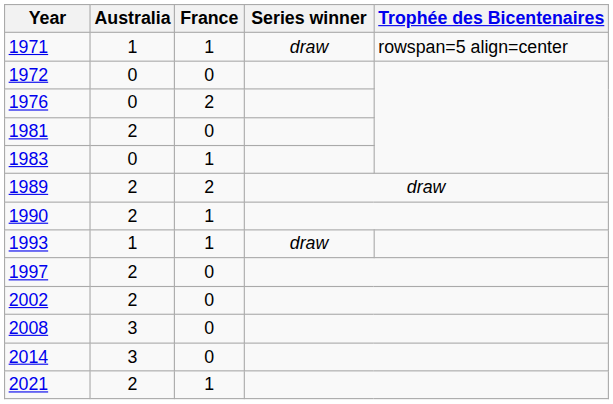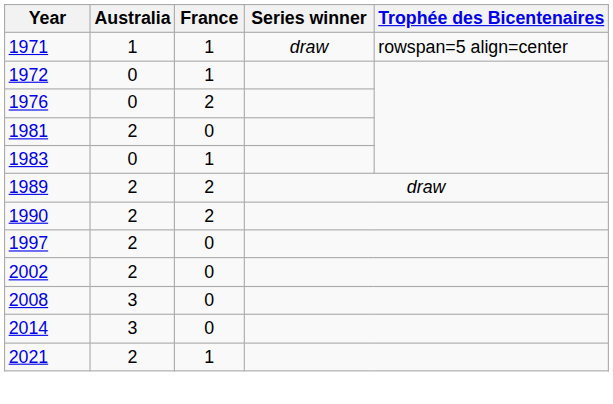 <table class="wikitable">
 <tr>
 <th width="70">Year</th>
 <th width="55">Australia</th>
 <th width="55">France</th>
 <th width="110">Series winner</th>
 <th><a href='#'>Trophée des Bicentenaires</a></th>
 </tr>
 <tr>
 <td> <a href='#'>1971</a></td>
 <td align=center>1</td>
 <td align=center>1</td>
 <td align=center><em>draw</em></td>
 <td>rowspan=5 align=center </td>
 </tr>
 <tr>
 <td> <a href='#'>1972</a></td>
 <td align=center>0</td>
-<td align=center>0</td>
+<td align=center>1</td>
 <td></td>
 </tr>
 <tr>
 <td> <a href='#'>1976</a></td>
 <td align=center>0</td>
 <td align=center>2</td>
 <td></td>
 </tr>
 <tr>
 <td> <a href='#'>1981</a></td>
 <td align=center>2</td>
 <td align=center>0</td>
 <td></td>
 </tr>
 <tr>
 <td> <a href='#'>1983</a></td>
 <td align=center>0</td>
 <td align=center>1</td>
 <td></td>
 </tr>
 <tr>
 <td> <a href='#'>1989</a></td>
 <td align=center>2</td>
 <td align=center>2</td>
 <td align=center colspan=2><em>draw</em></td>
 </tr>
 <tr>
 <td> <a href='#'>1990</a></td>
 <td align=center>2</td>
-<td align=center>1</td>
+<td align=center>2</td>
 <td colspan=2></td>
-</tr>
-<tr>
-<td> <a href='#'>1993</a></td>
-<td align=center>1</td>
-<td align=center>1</td>
-<td align=center><em>draw</em></td>
-<td></td>
 </tr>
 <tr>
 <td> <a href='#'>1997</a></td>
 <td align=center>2</td>
 <td align=center>0</td>
 <td colspan=2></td>
 </tr>
 <tr>
 <td> <a href='#'>2002</a></td>
 <td align=center>2</td>
 <td align=center>0</td>
 <td colspan=2></td>
 </tr>
 <tr>
 <td> <a href='#'>2008</a></td>
 <td align=center>3</td>
 <td align=center>0</td>
 <td colspan=2></td>
 </tr>
 <tr>
 <td> <a href='#'>2014</a></td>
 <td align=center>3</td>
 <td align=center>0</td>
 <td colspan=2></td>
 </tr>
 <tr>
 <td> <a href='#'>2021</a></td>
 <td align=center>2</td>
 <td align=center>1</td>
 <td colspan=2></td>
 </tr>
 </table>
